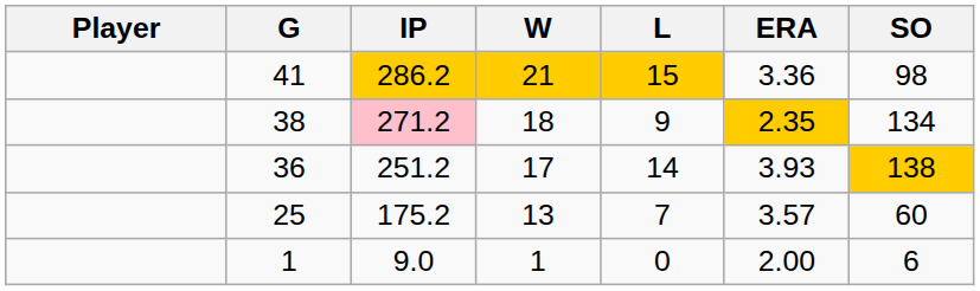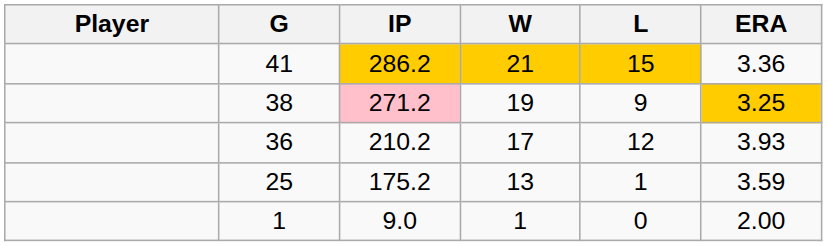 <table class="wikitable sortable">
 <tr>
 <th bgcolor="#DDDDFF" width="16%">Player</th>
 <th bgcolor="#DDDDFF" width="9%">G</th>
 <th bgcolor="#DDDDFF" width="9%">IP</th>
 <th bgcolor="#DDDDFF" width="9%">W</th>
 <th bgcolor="#DDDDFF" width="9%">L</th>
 <th bgcolor="#DDDDFF" width="9%">ERA</th>
-<th bgcolor="#DDDDFF" width="9%">SO</th>
 </tr>
 <tr align="center">
 <td></td>
 <td>41</td>
 <td style="background:#fc0;">286.2</td>
 <td style="background:#fc0;">21</td>
 <td style="background:#fc0;">15</td>
 <td>3.36</td>
-<td>98</td>
 </tr>
 <tr align="center">
 <td></td>
 <td>38</td>
 <td style="background: pink;">271.2</td>
-<td>18</td>
+<td>19</td>
 <td>9</td>
-<td style="background:#fc0;">2.35</td>
-<td>134</td>
+<td style="background:#fc0;">3.25</td>
 </tr>
 <tr align="center">
 <td></td>
 <td>36</td>
-<td>251.2</td>
+<td>210.2</td>
 <td>17</td>
-<td>14</td>
+<td>12</td>
 <td>3.93</td>
-<td style="background:#fc0;">138</td>
 </tr>
 <tr align="center">
 <td></td>
 <td>25</td>
 <td>175.2</td>
 <td>13</td>
-<td>7</td>
-<td>3.57</td>
-<td>60</td>
+<td>1</td>
+<td>3.59</td>
 </tr>
 <tr align="center">
 <td></td>
 <td>1</td>
 <td>9.0</td>
 <td>1</td>
 <td>0</td>
 <td>2.00</td>
-<td>6</td>
 </tr>
 </table>
